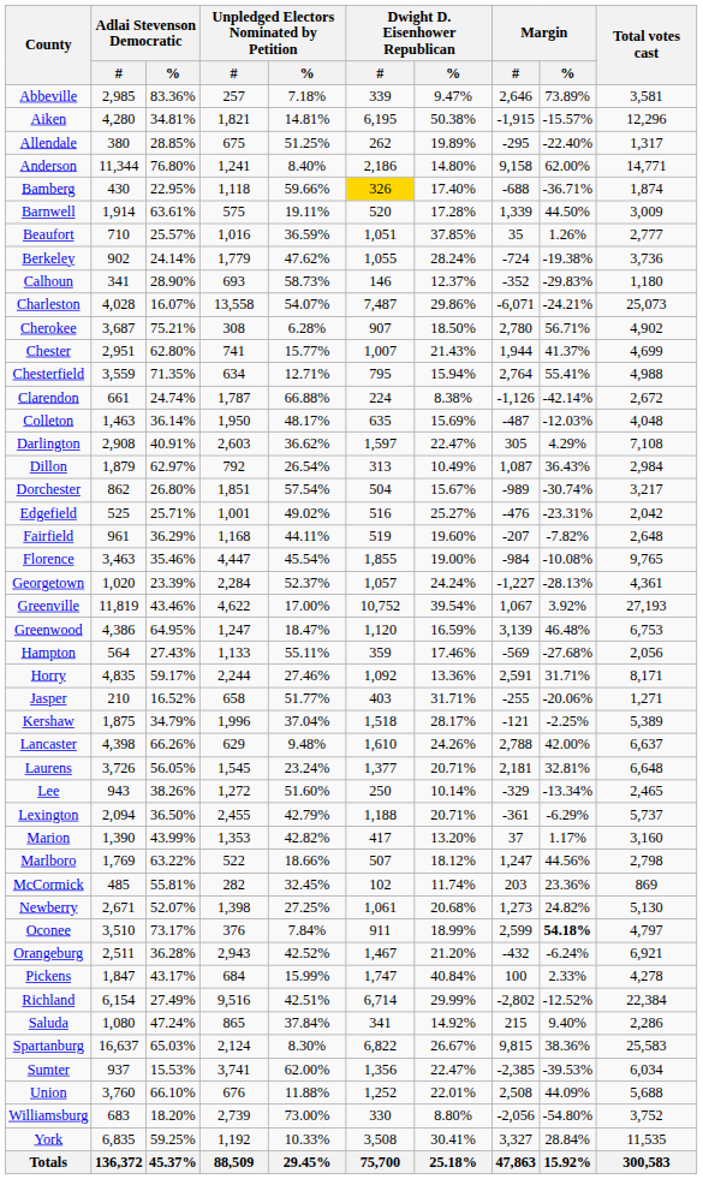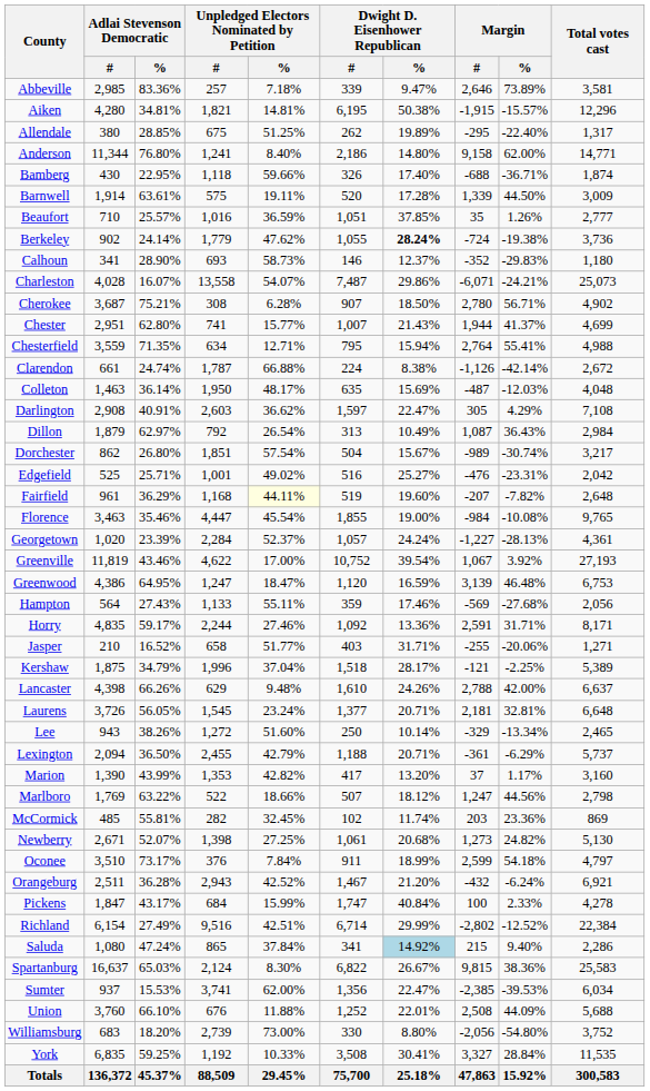 <table width="60%" class="wikitable sortable">
 <tr>
 <th style="text-align:center;" rowspan="2">County</th>
 <th style="text-align:center;" colspan="2">Adlai Stevenson<br>Democratic</th>
 <th style="text-align:center;" colspan="2">Unpledged Electors<br>Nominated by Petition</th>
 <th style="text-align:center;" colspan="2">Dwight D. Eisenhower<br>Republican</th>
 <th style="text-align:center;" colspan="2">Margin</th>
 <th style="text-align:center;" rowspan="2">Total votes cast</th>
 </tr>
 <tr>
 <th style="text-align:center;" data-sort-type="number">#</th>
 <th style="text-align:center;" data-sort-type="number">%</th>
 <th style="text-align:center;" data-sort-type="number">#</th>
 <th style="text-align:center;" data-sort-type="number">%</th>
 <th style="text-align:center;" data-sort-type="number">#</th>
 <th style="text-align:center;" data-sort-type="number">%</th>
 <th style="text-align:center;" data-sort-type="number">#</th>
 <th style="text-align:center;" data-sort-type="number">%</th>
 </tr>
 <tr style="text-align:center;">
 <td><a href='#'>Abbeville</a></td>
 <td>2,985</td>
 <td>83.36%</td>
 <td>257</td>
 <td>7.18%</td>
 <td>339</td>
 <td>9.47%</td>
 <td>2,646</td>
 <td>73.89%</td>
 <td>3,581</td>
 </tr>
 <tr style="text-align:center;">
 <td><a href='#'>Aiken</a></td>
 <td>4,280</td>
 <td>34.81%</td>
 <td>1,821</td>
 <td>14.81%</td>
 <td>6,195</td>
 <td>50.38%</td>
 <td>-1,915</td>
 <td>-15.57%</td>
 <td>12,296</td>
 </tr>
 <tr style="text-align:center;">
 <td><a href='#'>Allendale</a></td>
 <td>380</td>
 <td>28.85%</td>
 <td>675</td>
 <td>51.25%</td>
 <td>262</td>
 <td>19.89%</td>
 <td>-295</td>
 <td>-22.40%</td>
 <td>1,317</td>
 </tr>
 <tr style="text-align:center;">
 <td><a href='#'>Anderson</a></td>
 <td>11,344</td>
 <td>76.80%</td>
 <td>1,241</td>
 <td>8.40%</td>
 <td>2,186</td>
 <td>14.80%</td>
 <td>9,158</td>
 <td>62.00%</td>
 <td>14,771</td>
 </tr>
 <tr style="text-align:center;">
 <td><a href='#'>Bamberg</a></td>
 <td>430</td>
 <td>22.95%</td>
 <td>1,118</td>
 <td>59.66%</td>
-<td style="background: gold;">326</td>
+<td>326</td>
 <td>17.40%</td>
 <td>-688</td>
 <td>-36.71%</td>
 <td>1,874</td>
 </tr>
 <tr style="text-align:center;">
 <td><a href='#'>Barnwell</a></td>
 <td>1,914</td>
 <td>63.61%</td>
 <td>575</td>
 <td>19.11%</td>
 <td>520</td>
 <td>17.28%</td>
 <td>1,339</td>
 <td>44.50%</td>
 <td>3,009</td>
 </tr>
 <tr style="text-align:center;">
 <td><a href='#'>Beaufort</a></td>
 <td>710</td>
 <td>25.57%</td>
 <td>1,016</td>
 <td>36.59%</td>
 <td>1,051</td>
 <td>37.85%</td>
 <td>35</td>
 <td>1.26%</td>
 <td>2,777</td>
 </tr>
 <tr style="text-align:center;">
 <td><a href='#'>Berkeley</a></td>
 <td>902</td>
 <td>24.14%</td>
 <td>1,779</td>
 <td>47.62%</td>
 <td>1,055</td>
-<td>28.24%</td>
+<td><strong>28.24%</strong></td>
 <td>-724</td>
 <td>-19.38%</td>
 <td>3,736</td>
 </tr>
 <tr style="text-align:center;">
 <td><a href='#'>Calhoun</a></td>
 <td>341</td>
 <td>28.90%</td>
 <td>693</td>
 <td>58.73%</td>
 <td>146</td>
 <td>12.37%</td>
 <td>-352</td>
 <td>-29.83%</td>
 <td>1,180</td>
 </tr>
 <tr style="text-align:center;">
 <td><a href='#'>Charleston</a></td>
 <td>4,028</td>
 <td>16.07%</td>
 <td>13,558</td>
 <td>54.07%</td>
 <td>7,487</td>
 <td>29.86%</td>
 <td>-6,071</td>
 <td>-24.21%</td>
 <td>25,073</td>
 </tr>
 <tr style="text-align:center;">
 <td><a href='#'>Cherokee</a></td>
 <td>3,687</td>
 <td>75.21%</td>
 <td>308</td>
 <td>6.28%</td>
 <td>907</td>
 <td>18.50%</td>
 <td>2,780</td>
 <td>56.71%</td>
 <td>4,902</td>
 </tr>
 <tr style="text-align:center;">
 <td><a href='#'>Chester</a></td>
 <td>2,951</td>
 <td>62.80%</td>
 <td>741</td>
 <td>15.77%</td>
 <td>1,007</td>
 <td>21.43%</td>
 <td>1,944</td>
 <td>41.37%</td>
 <td>4,699</td>
 </tr>
 <tr style="text-align:center;">
 <td><a href='#'>Chesterfield</a></td>
 <td>3,559</td>
 <td>71.35%</td>
 <td>634</td>
 <td>12.71%</td>
 <td>795</td>
 <td>15.94%</td>
 <td>2,764</td>
 <td>55.41%</td>
 <td>4,988</td>
 </tr>
 <tr style="text-align:center;">
 <td><a href='#'>Clarendon</a></td>
 <td>661</td>
 <td>24.74%</td>
 <td>1,787</td>
 <td>66.88%</td>
 <td>224</td>
 <td>8.38%</td>
 <td>-1,126</td>
 <td>-42.14%</td>
 <td>2,672</td>
 </tr>
 <tr style="text-align:center;">
 <td><a href='#'>Colleton</a></td>
 <td>1,463</td>
 <td>36.14%</td>
 <td>1,950</td>
 <td>48.17%</td>
 <td>635</td>
 <td>15.69%</td>
 <td>-487</td>
 <td>-12.03%</td>
 <td>4,048</td>
 </tr>
 <tr style="text-align:center;">
 <td><a href='#'>Darlington</a></td>
 <td>2,908</td>
 <td>40.91%</td>
 <td>2,603</td>
 <td>36.62%</td>
 <td>1,597</td>
 <td>22.47%</td>
 <td>305</td>
 <td>4.29%</td>
 <td>7,108</td>
 </tr>
 <tr style="text-align:center;">
 <td><a href='#'>Dillon</a></td>
 <td>1,879</td>
 <td>62.97%</td>
 <td>792</td>
 <td>26.54%</td>
 <td>313</td>
 <td>10.49%</td>
 <td>1,087</td>
 <td>36.43%</td>
 <td>2,984</td>
 </tr>
 <tr style="text-align:center;">
 <td><a href='#'>Dorchester</a></td>
 <td>862</td>
 <td>26.80%</td>
 <td>1,851</td>
 <td>57.54%</td>
 <td>504</td>
 <td>15.67%</td>
 <td>-989</td>
 <td>-30.74%</td>
 <td>3,217</td>
 </tr>
 <tr style="text-align:center;">
 <td><a href='#'>Edgefield</a></td>
 <td>525</td>
 <td>25.71%</td>
 <td>1,001</td>
 <td>49.02%</td>
 <td>516</td>
 <td>25.27%</td>
 <td>-476</td>
 <td>-23.31%</td>
 <td>2,042</td>
 </tr>
 <tr style="text-align:center;">
 <td><a href='#'>Fairfield</a></td>
 <td>961</td>
 <td>36.29%</td>
 <td>1,168</td>
-<td>44.11%</td>
+<td style="background: lightyellow;">44.11%</td>
 <td>519</td>
 <td>19.60%</td>
 <td>-207</td>
 <td>-7.82%</td>
 <td>2,648</td>
 </tr>
 <tr style="text-align:center;">
 <td><a href='#'>Florence</a></td>
 <td>3,463</td>
 <td>35.46%</td>
 <td>4,447</td>
 <td>45.54%</td>
 <td>1,855</td>
 <td>19.00%</td>
 <td>-984</td>
 <td>-10.08%</td>
 <td>9,765</td>
 </tr>
 <tr style="text-align:center;">
 <td><a href='#'>Georgetown</a></td>
 <td>1,020</td>
 <td>23.39%</td>
 <td>2,284</td>
 <td>52.37%</td>
 <td>1,057</td>
 <td>24.24%</td>
 <td>-1,227</td>
 <td>-28.13%</td>
 <td>4,361</td>
 </tr>
 <tr style="text-align:center;">
 <td><a href='#'>Greenville</a></td>
 <td>11,819</td>
 <td>43.46%</td>
 <td>4,622</td>
 <td>17.00%</td>
 <td>10,752</td>
 <td>39.54%</td>
 <td>1,067</td>
 <td>3.92%</td>
 <td>27,193</td>
 </tr>
 <tr style="text-align:center;">
 <td><a href='#'>Greenwood</a></td>
 <td>4,386</td>
 <td>64.95%</td>
 <td>1,247</td>
 <td>18.47%</td>
 <td>1,120</td>
 <td>16.59%</td>
 <td>3,139</td>
 <td>46.48%</td>
 <td>6,753</td>
 </tr>
 <tr style="text-align:center;">
 <td><a href='#'>Hampton</a></td>
 <td>564</td>
 <td>27.43%</td>
 <td>1,133</td>
 <td>55.11%</td>
 <td>359</td>
 <td>17.46%</td>
 <td>-569</td>
 <td>-27.68%</td>
 <td>2,056</td>
 </tr>
 <tr style="text-align:center;">
 <td><a href='#'>Horry</a></td>
 <td>4,835</td>
 <td>59.17%</td>
 <td>2,244</td>
 <td>27.46%</td>
 <td>1,092</td>
 <td>13.36%</td>
 <td>2,591</td>
 <td>31.71%</td>
 <td>8,171</td>
 </tr>
 <tr style="text-align:center;">
 <td><a href='#'>Jasper</a></td>
 <td>210</td>
 <td>16.52%</td>
 <td>658</td>
 <td>51.77%</td>
 <td>403</td>
 <td>31.71%</td>
 <td>-255</td>
 <td>-20.06%</td>
 <td>1,271</td>
 </tr>
 <tr style="text-align:center;">
 <td><a href='#'>Kershaw</a></td>
 <td>1,875</td>
 <td>34.79%</td>
 <td>1,996</td>
 <td>37.04%</td>
 <td>1,518</td>
 <td>28.17%</td>
 <td>-121</td>
 <td>-2.25%</td>
 <td>5,389</td>
 </tr>
 <tr style="text-align:center;">
 <td><a href='#'>Lancaster</a></td>
 <td>4,398</td>
 <td>66.26%</td>
 <td>629</td>
 <td>9.48%</td>
 <td>1,610</td>
 <td>24.26%</td>
 <td>2,788</td>
 <td>42.00%</td>
 <td>6,637</td>
 </tr>
 <tr style="text-align:center;">
 <td><a href='#'>Laurens</a></td>
 <td>3,726</td>
 <td>56.05%</td>
 <td>1,545</td>
 <td>23.24%</td>
 <td>1,377</td>
 <td>20.71%</td>
 <td>2,181</td>
 <td>32.81%</td>
 <td>6,648</td>
 </tr>
 <tr style="text-align:center;">
 <td><a href='#'>Lee</a></td>
 <td>943</td>
 <td>38.26%</td>
 <td>1,272</td>
 <td>51.60%</td>
 <td>250</td>
 <td>10.14%</td>
 <td>-329</td>
 <td>-13.34%</td>
 <td>2,465</td>
 </tr>
 <tr style="text-align:center;">
 <td><a href='#'>Lexington</a></td>
 <td>2,094</td>
 <td>36.50%</td>
 <td>2,455</td>
 <td>42.79%</td>
 <td>1,188</td>
 <td>20.71%</td>
 <td>-361</td>
 <td>-6.29%</td>
 <td>5,737</td>
 </tr>
 <tr style="text-align:center;">
 <td><a href='#'>Marion</a></td>
 <td>1,390</td>
 <td>43.99%</td>
 <td>1,353</td>
 <td>42.82%</td>
 <td>417</td>
 <td>13.20%</td>
 <td>37</td>
 <td>1.17%</td>
 <td>3,160</td>
 </tr>
 <tr style="text-align:center;">
 <td><a href='#'>Marlboro</a></td>
 <td>1,769</td>
 <td>63.22%</td>
 <td>522</td>
 <td>18.66%</td>
 <td>507</td>
 <td>18.12%</td>
 <td>1,247</td>
 <td>44.56%</td>
 <td>2,798</td>
 </tr>
 <tr style="text-align:center;">
 <td><a href='#'>McCormick</a></td>
 <td>485</td>
 <td>55.81%</td>
 <td>282</td>
 <td>32.45%</td>
 <td>102</td>
 <td>11.74%</td>
 <td>203</td>
 <td>23.36%</td>
 <td>869</td>
 </tr>
 <tr style="text-align:center;">
 <td><a href='#'>Newberry</a></td>
 <td>2,671</td>
 <td>52.07%</td>
 <td>1,398</td>
 <td>27.25%</td>
 <td>1,061</td>
 <td>20.68%</td>
 <td>1,273</td>
 <td>24.82%</td>
 <td>5,130</td>
 </tr>
 <tr style="text-align:center;">
 <td><a href='#'>Oconee</a></td>
 <td>3,510</td>
 <td>73.17%</td>
 <td>376</td>
 <td>7.84%</td>
 <td>911</td>
 <td>18.99%</td>
 <td>2,599</td>
-<td><strong>54.18%</strong></td>
+<td>54.18%</td>
 <td>4,797</td>
 </tr>
 <tr style="text-align:center;">
 <td><a href='#'>Orangeburg</a></td>
 <td>2,511</td>
 <td>36.28%</td>
 <td>2,943</td>
 <td>42.52%</td>
 <td>1,467</td>
 <td>21.20%</td>
 <td>-432</td>
 <td>-6.24%</td>
 <td>6,921</td>
 </tr>
 <tr style="text-align:center;">
 <td><a href='#'>Pickens</a></td>
 <td>1,847</td>
 <td>43.17%</td>
 <td>684</td>
 <td>15.99%</td>
 <td>1,747</td>
 <td>40.84%</td>
 <td>100</td>
 <td>2.33%</td>
 <td>4,278</td>
 </tr>
 <tr style="text-align:center;">
 <td><a href='#'>Richland</a></td>
 <td>6,154</td>
 <td>27.49%</td>
 <td>9,516</td>
 <td>42.51%</td>
 <td>6,714</td>
 <td>29.99%</td>
 <td>-2,802</td>
 <td>-12.52%</td>
 <td>22,384</td>
 </tr>
 <tr style="text-align:center;">
 <td><a href='#'>Saluda</a></td>
 <td>1,080</td>
 <td>47.24%</td>
 <td>865</td>
 <td>37.84%</td>
 <td>341</td>
-<td>14.92%</td>
+<td style="background: lightblue;">14.92%</td>
 <td>215</td>
 <td>9.40%</td>
 <td>2,286</td>
 </tr>
 <tr style="text-align:center;">
 <td><a href='#'>Spartanburg</a></td>
 <td>16,637</td>
 <td>65.03%</td>
 <td>2,124</td>
 <td>8.30%</td>
 <td>6,822</td>
 <td>26.67%</td>
 <td>9,815</td>
 <td>38.36%</td>
 <td>25,583</td>
 </tr>
 <tr style="text-align:center;">
 <td><a href='#'>Sumter</a></td>
 <td>937</td>
 <td>15.53%</td>
 <td>3,741</td>
 <td>62.00%</td>
 <td>1,356</td>
 <td>22.47%</td>
 <td>-2,385</td>
 <td>-39.53%</td>
 <td>6,034</td>
 </tr>
 <tr style="text-align:center;">
 <td><a href='#'>Union</a></td>
 <td>3,760</td>
 <td>66.10%</td>
 <td>676</td>
 <td>11.88%</td>
 <td>1,252</td>
 <td>22.01%</td>
 <td>2,508</td>
 <td>44.09%</td>
 <td>5,688</td>
 </tr>
 <tr style="text-align:center;">
 <td><a href='#'>Williamsburg</a></td>
 <td>683</td>
 <td>18.20%</td>
 <td>2,739</td>
 <td>73.00%</td>
 <td>330</td>
 <td>8.80%</td>
 <td>-2,056</td>
 <td>-54.80%</td>
 <td>3,752</td>
 </tr>
 <tr style="text-align:center;">
 <td><a href='#'>York</a></td>
 <td>6,835</td>
 <td>59.25%</td>
 <td>1,192</td>
 <td>10.33%</td>
 <td>3,508</td>
 <td>30.41%</td>
 <td>3,327</td>
 <td>28.84%</td>
 <td>11,535</td>
 </tr>
 <tr style="text-align:center;">
 <th>Totals</th>
 <th>136,372</th>
 <th>45.37%</th>
 <th>88,509</th>
 <th>29.45%</th>
 <th>75,700</th>
 <th>25.18%</th>
 <th>47,863</th>
 <th>15.92%</th>
 <th>300,583</th>
 </tr>
 </table>
